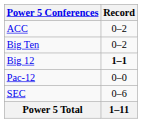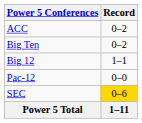 <table class="wikitable">
 <tr>
 <th><a href='#'>Power 5 Conferences</a></th>
 <th>Record</th>
 </tr>
 <tr>
 <td><a href='#'>ACC</a></td>
 <td align=center>0–2</td>
 </tr>
 <tr>
 <td><a href='#'>Big Ten</a></td>
 <td align=center>0–2</td>
 </tr>
 <tr>
 <td><a href='#'>Big 12</a></td>
-<td align=center><strong>1–1</strong></td>
+<td align=center>1–1</td>
 </tr>
 <tr>
 <td><a href='#'>Pac-12</a></td>
 <td align=center>0–0</td>
 </tr>
 <tr>
 <td><a href='#'>SEC</a></td>
-<td align=center>0–6</td>
+<td align=center style="background: gold;">0–6</td>
 </tr>
 <tr>
 <th>Power 5 Total</th>
 <th>1–11</th>
 </tr>
 </table>
